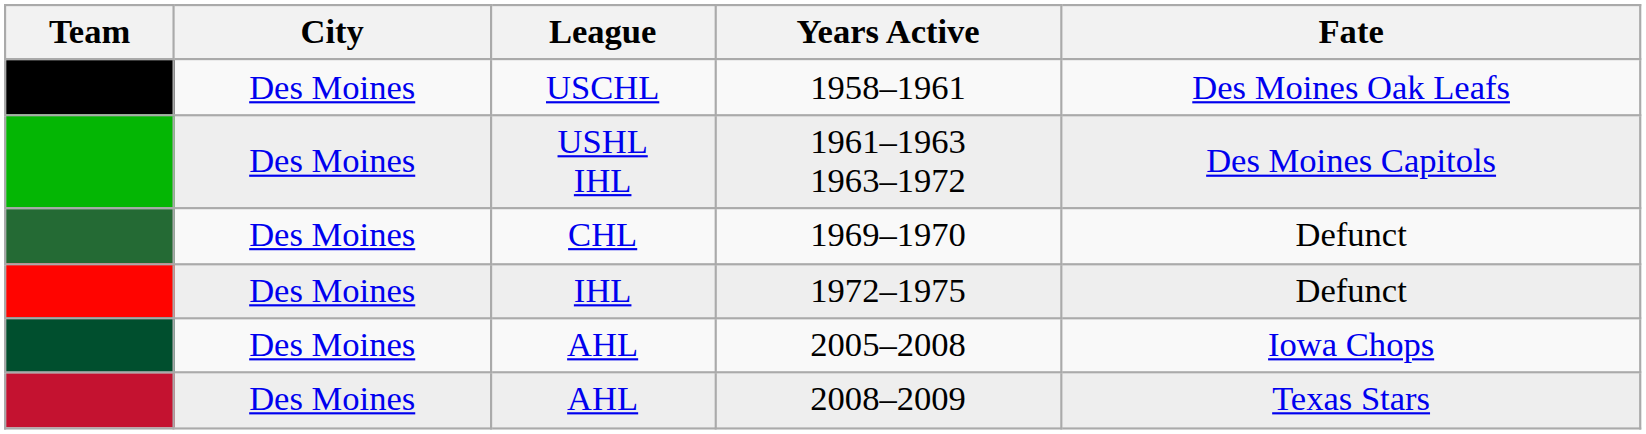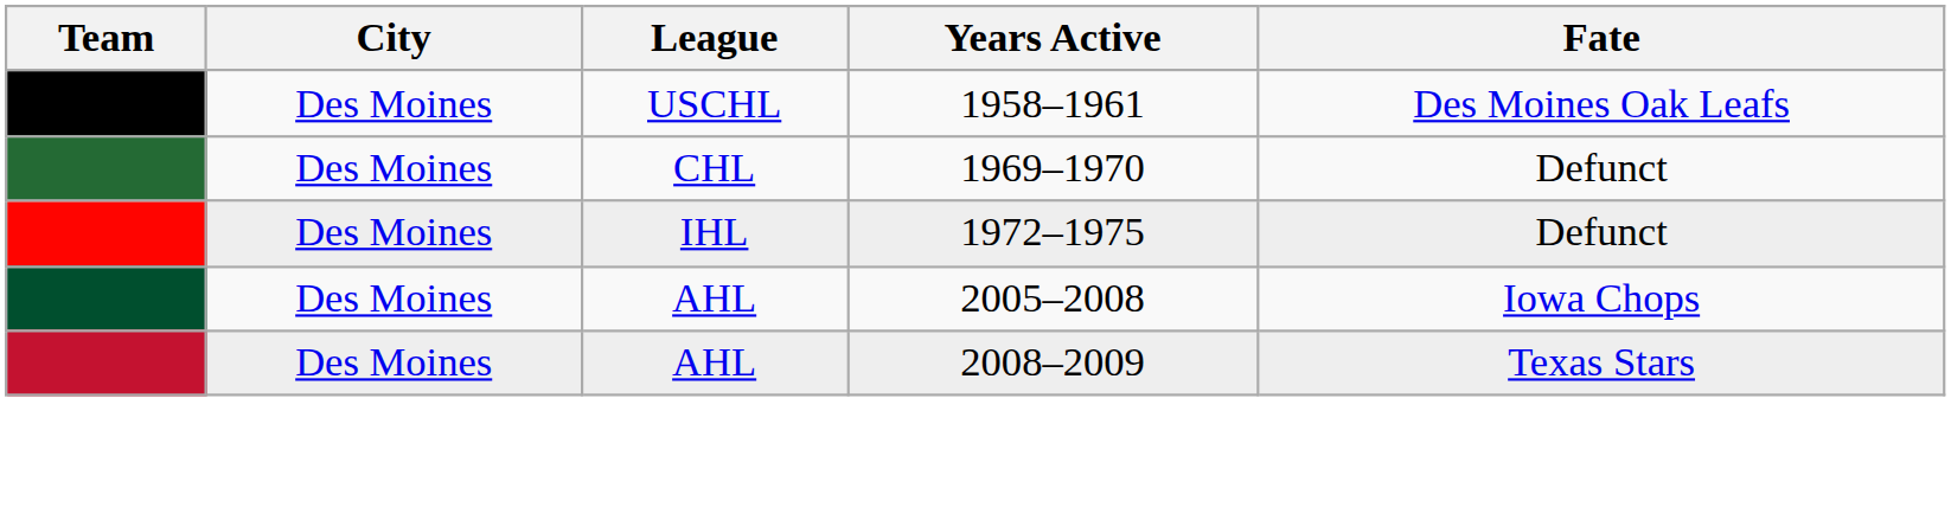 <table class="wikitable sortable" width="60%">
 <tr>
 <th>Team</th>
 <th>City</th>
 <th>League</th>
 <th>Years Active</th>
 <th>Fate</th>
 </tr>
 <tr align=center>
 <td style="color:white; background:#000000; "><strong><a href='#'></a></strong></td>
 <td><a href='#'>Des Moines</a></td>
 <td><a href='#'>USCHL</a></td>
 <td>1958–1961</td>
 <td><a href='#'>Des Moines Oak Leafs</a></td>
-</tr>
-<tr align=center bgcolor=eeeeee>
-<td style="color:white; background:#04b604; "><strong><a href='#'></a></strong></td>
-<td><a href='#'>Des Moines</a></td>
-<td><a href='#'>USHL</a><br><a href='#'>IHL</a></td>
-<td>1961–1963<br>1963–1972</td>
-<td><a href='#'>Des Moines Capitols</a></td>
 </tr>
 <tr align=center>
 <td style="color:white; background:#246a34; "><strong><a href='#'></a></strong></td>
 <td><a href='#'>Des Moines</a></td>
 <td><a href='#'>CHL</a></td>
 <td>1969–1970</td>
 <td>Defunct</td>
 </tr>
 <tr align=center bgcolor=eeeeee>
 <td style="color:white; background:#ff0400; "><strong><a href='#'></a></strong></td>
 <td><a href='#'>Des Moines</a></td>
 <td><a href='#'>IHL</a></td>
 <td>1972–1975</td>
 <td>Defunct</td>
 </tr>
 <tr align=center>
 <td style="color:white; background:#004f2e; "><strong><a href='#'></a></strong></td>
 <td><a href='#'>Des Moines</a></td>
 <td><a href='#'>AHL</a></td>
 <td>2005–2008</td>
 <td><a href='#'>Iowa Chops</a></td>
 </tr>
 <tr align=center bgcolor=eeeeee>
 <td style="color:white; background:#c41230; "><strong><a href='#'></a></strong></td>
 <td><a href='#'>Des Moines</a></td>
 <td><a href='#'>AHL</a></td>
 <td>2008–2009</td>
 <td><a href='#'>Texas Stars</a></td>
 </tr>
 </table>
